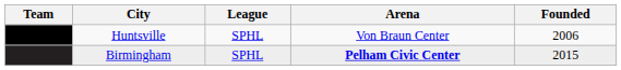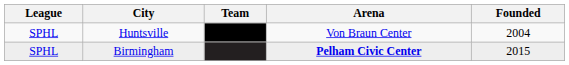 <table class="wikitable sortable" width="60%">
 <tr>
+<th>League</th>
+<th>City</th>
 <th>Team</th>
-<th>City</th>
-<th>League</th>
 <th>Arena</th>
 <th>Founded</th>
 </tr>
 <tr align=center>
+<td><a href='#'>SPHL</a></td>
+<td><a href='#'>Huntsville</a></td>
 <td style="color:white; background:#000000; "><strong><a href='#'></a></strong></td>
-<td><a href='#'>Huntsville</a></td>
-<td><a href='#'>SPHL</a></td>
 <td><a href='#'>Von Braun Center</a></td>
-<td>2006</td>
+<td>2004</td>
 </tr>
 <tr align=center bgcolor=eeeeee>
+<td><a href='#'>SPHL</a></td>
+<td><a href='#'>Birmingham</a></td>
 <td style="color:white; background:#231f20; "><strong><a href='#'></a></strong></td>
-<td><a href='#'>Birmingham</a></td>
-<td><a href='#'>SPHL</a></td>
 <td><strong><a href='#'>Pelham Civic Center</a></strong></td>
 <td>2015</td>
 </tr>
 </table>
